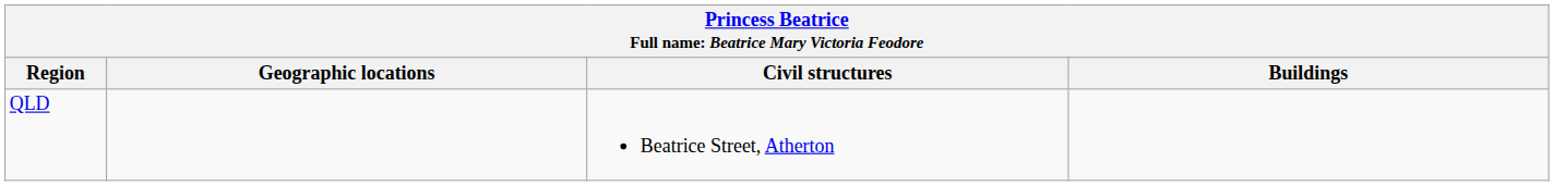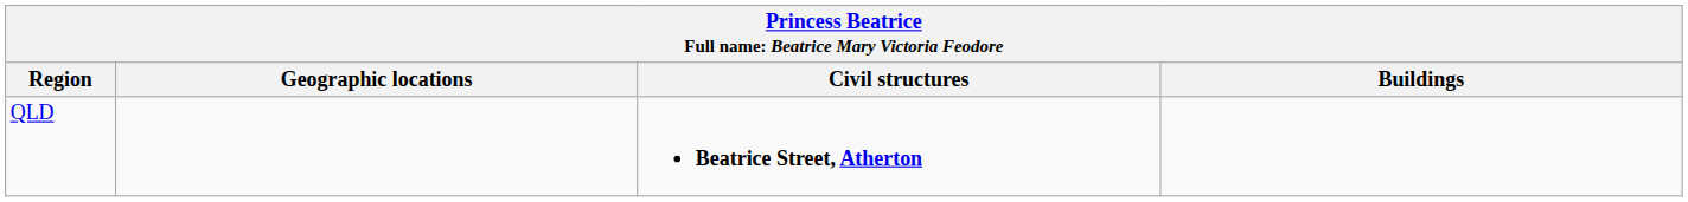 <table class="wikitable" width="100%">
 <tr>
 <th colspan="4"> <a href='#'>Princess Beatrice</a><br><small>Full name: <em>Beatrice Mary Victoria Feodore</em></small></th>
 </tr>
 <tr>
 <th width="5%">Region</th>
 <th width="23.75%">Geographic locations</th>
 <th width="23.75%">Civil structures</th>
 <th width="23.75%">Buildings</th>
 </tr>
 <tr>
 <td align=left valign=top> <a href='#'>QLD</a></td>
 <td></td>
-<td><br><ul><li>Beatrice Street, <a href='#'>Atherton</a></li></ul></td>
+<td><strong><br><ul><li>Beatrice Street, <a href='#'>Atherton</a></li></ul></strong></td>
 <td></td>
 </tr>
 </table>
